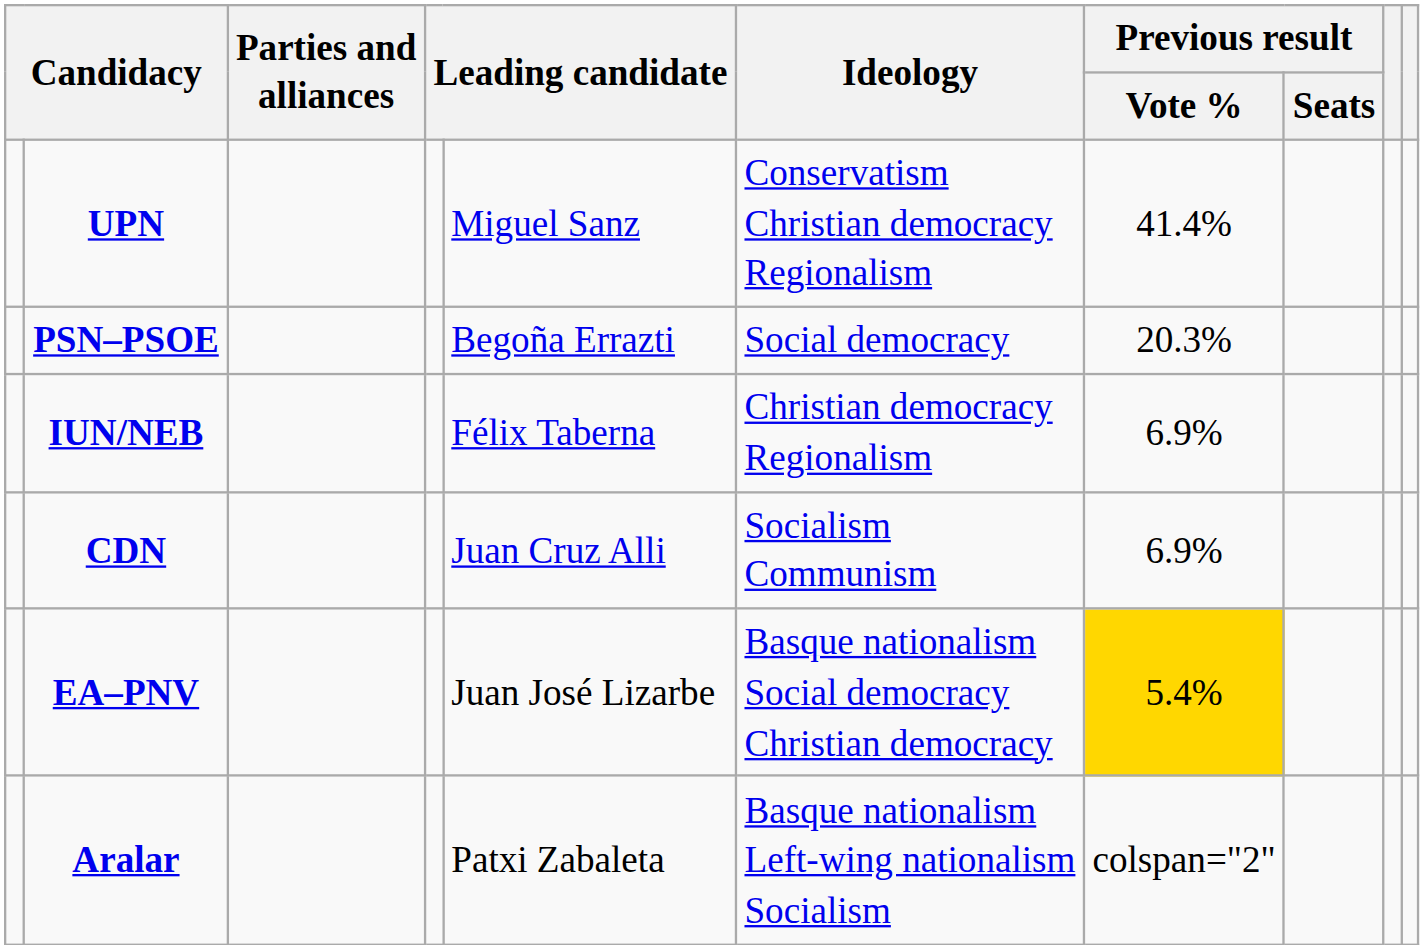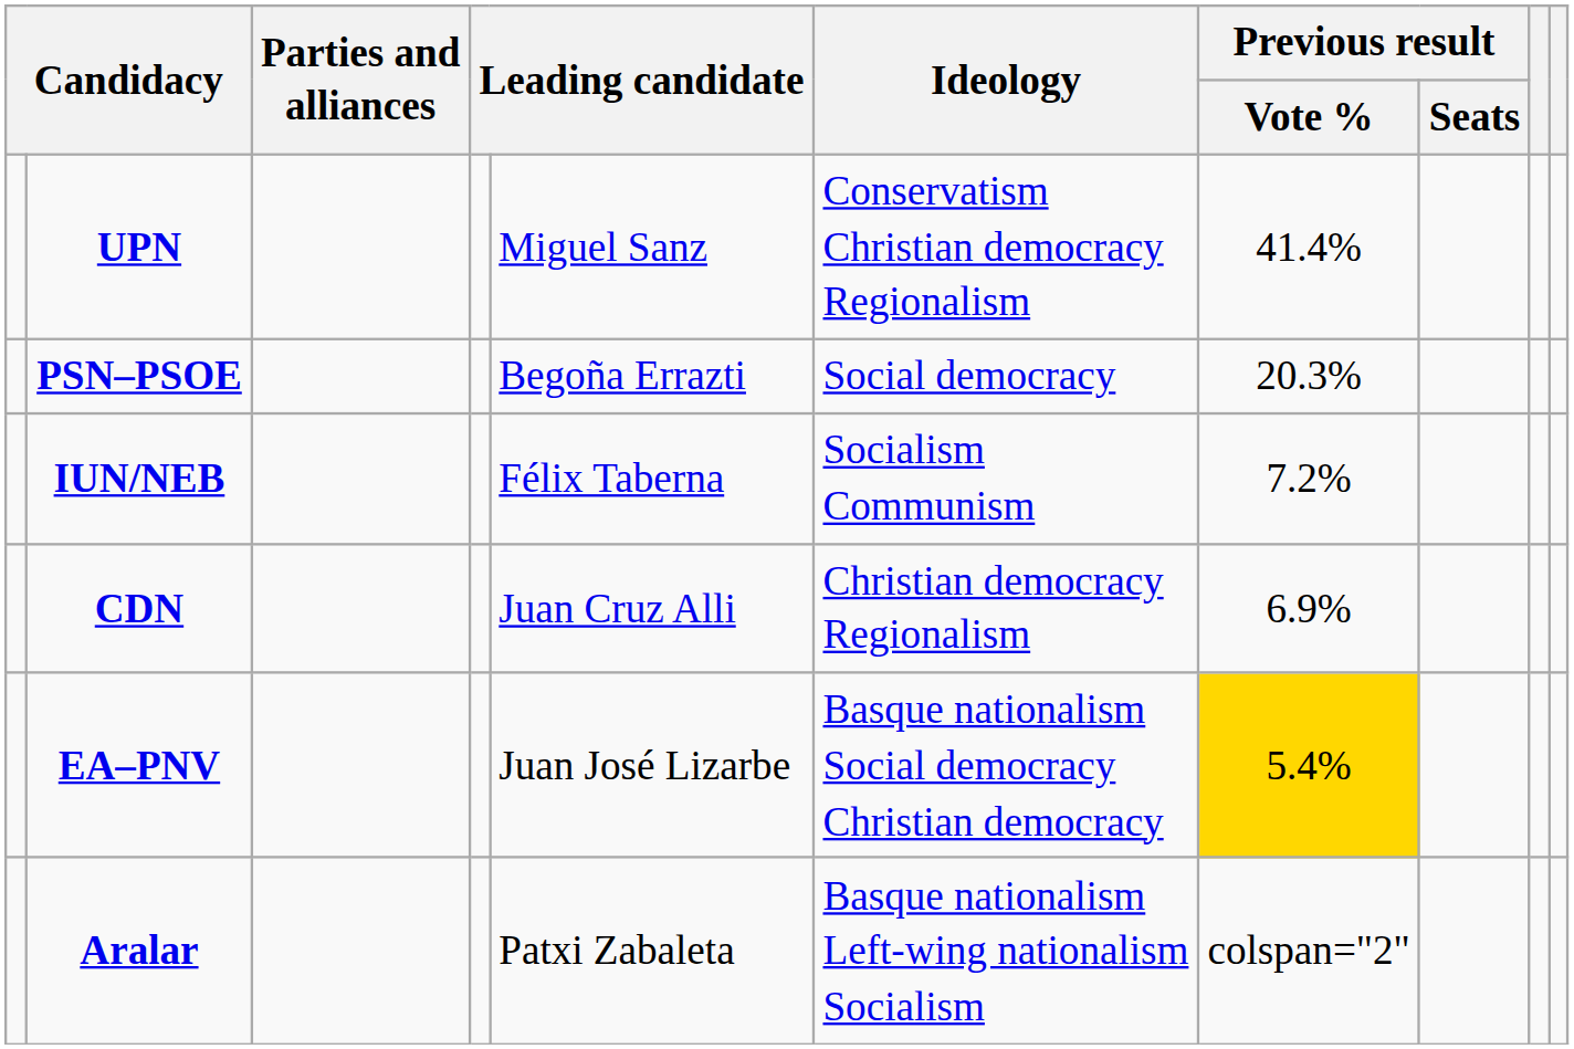 <table class="wikitable" style="line-height:1.35em; text-align:left;">
 <tr>
 <th colspan="2" rowspan="2">Candidacy</th>
 <th rowspan="2">Parties and<br>alliances</th>
 <th colspan="2" rowspan="2">Leading candidate</th>
 <th rowspan="2">Ideology</th>
 <th colspan="2">Previous result</th>
 <th rowspan="2"></th>
 <th rowspan="2"></th>
 </tr>
 <tr>
 <th>Vote %</th>
 <th>Seats</th>
 </tr>
 <tr>
 <td width="1" style="color:inherit;background:"></td>
 <td align="center"><strong><a href='#'>UPN</a></strong></td>
 <td></td>
 <td></td>
 <td><a href='#'>Miguel Sanz</a></td>
 <td><a href='#'>Conservatism</a><br><a href='#'>Christian democracy</a><br><a href='#'>Regionalism</a></td>
 <td align="center">41.4%</td>
 <td></td>
 <td></td>
 <td></td>
 </tr>
 <tr>
 <td style="color:inherit;background:"></td>
 <td align="center"><strong><a href='#'>PSN–PSOE</a></strong></td>
 <td></td>
 <td></td>
 <td><a href='#'>Begoña Errazti</a></td>
 <td><a href='#'>Social democracy</a></td>
 <td align="center">20.3%</td>
 <td></td>
 <td></td>
 <td></td>
 </tr>
 <tr>
 <td style="color:inherit;background:"></td>
 <td align="center"><strong><a href='#'>IUN/NEB</a></strong></td>
 <td></td>
 <td></td>
 <td><a href='#'>Félix Taberna</a></td>
-<td><a href='#'>Christian democracy</a><br><a href='#'>Regionalism</a></td>
-<td align="center">6.9%</td>
+<td><a href='#'>Socialism</a><br><a href='#'>Communism</a></td>
+<td align="center">7.2%</td>
 <td></td>
 <td></td>
 <td></td>
 </tr>
 <tr>
 <td style="color:inherit;background:"></td>
 <td align="center"><strong><a href='#'>CDN</a></strong></td>
 <td></td>
 <td></td>
 <td><a href='#'>Juan Cruz Alli</a></td>
-<td><a href='#'>Socialism</a><br><a href='#'>Communism</a></td>
+<td><a href='#'>Christian democracy</a><br><a href='#'>Regionalism</a></td>
 <td align="center">6.9%</td>
 <td></td>
 <td></td>
 <td></td>
 </tr>
 <tr>
 <td style="color:inherit;background:"></td>
 <td align="center"><strong><a href='#'>EA–PNV</a></strong></td>
 <td></td>
 <td></td>
 <td>Juan José Lizarbe</td>
 <td><a href='#'>Basque nationalism</a><br><a href='#'>Social democracy</a><br><a href='#'>Christian democracy</a></td>
 <td align="center" style="background: gold;">5.4%</td>
 <td></td>
 <td></td>
 <td></td>
 </tr>
 <tr>
 <td style="color:inherit;background:"></td>
 <td align="center"><strong><a href='#'>Aralar</a></strong></td>
 <td></td>
 <td></td>
 <td>Patxi Zabaleta</td>
 <td><a href='#'>Basque nationalism</a><br><a href='#'>Left-wing nationalism</a><br><a href='#'>Socialism</a></td>
 <td>colspan="2" </td>
 <td></td>
 <td></td>
 </tr>
 </table>
